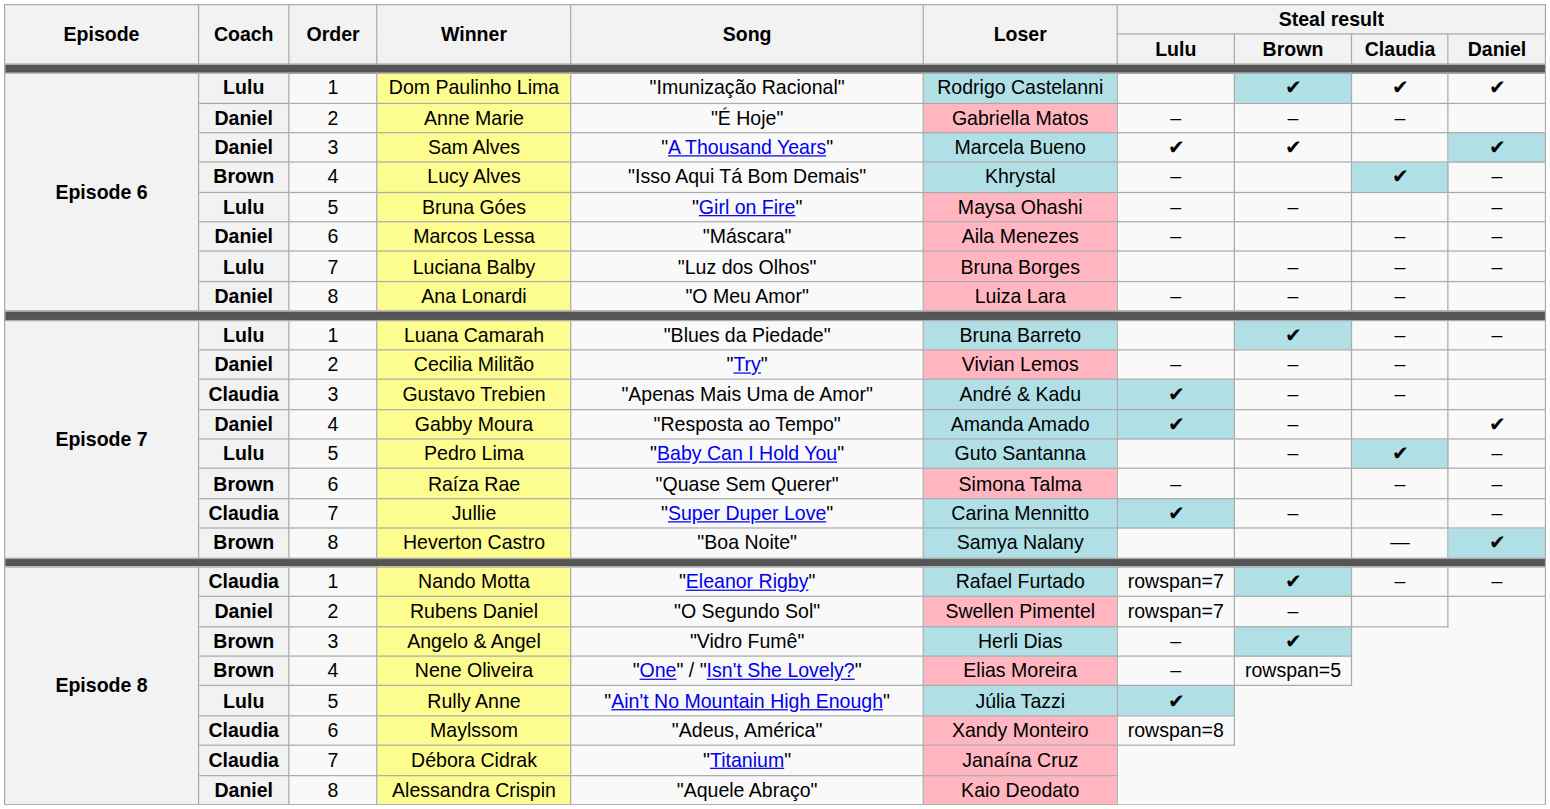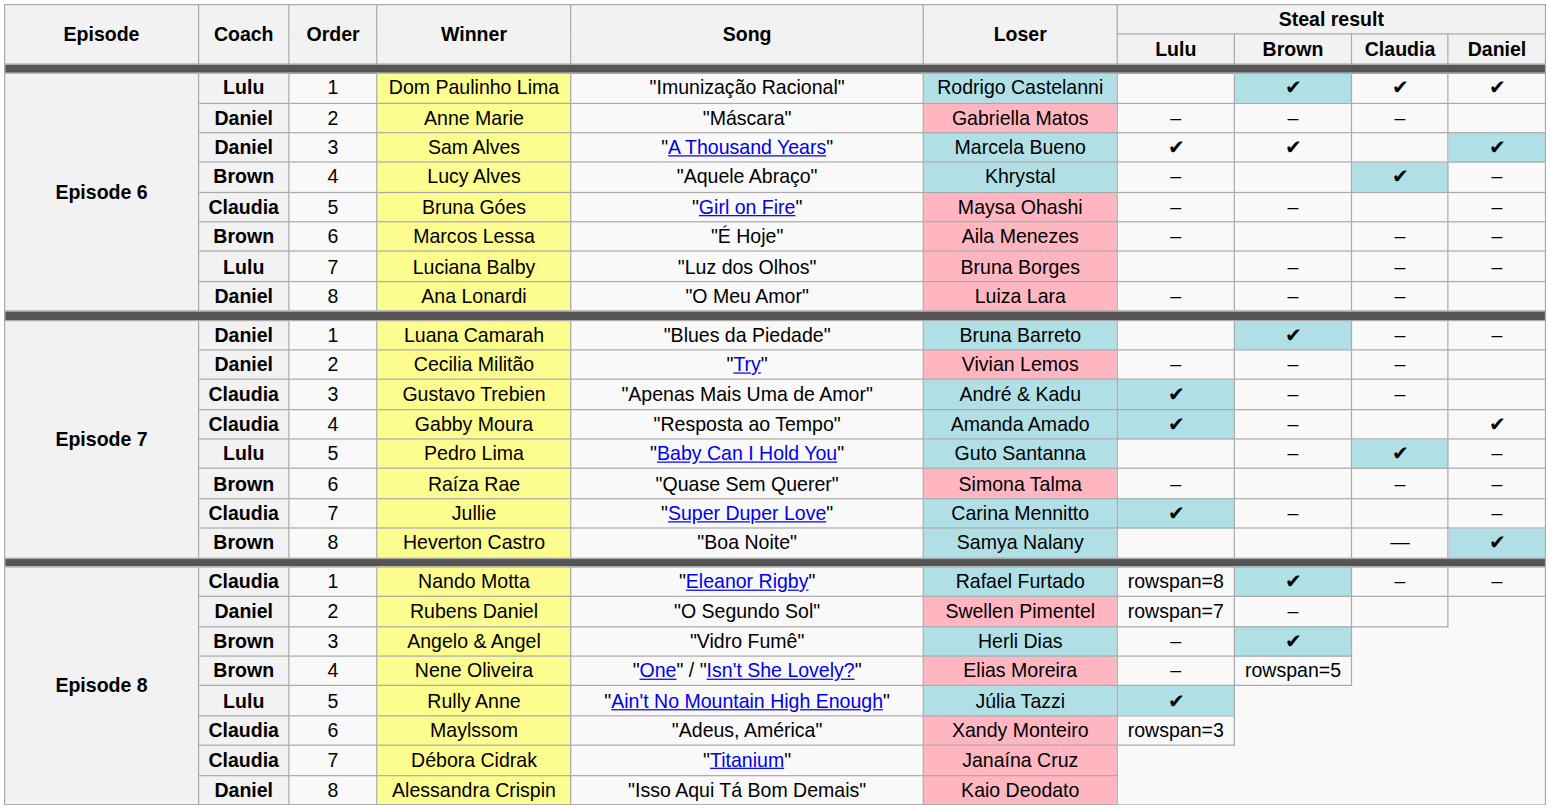 <table class="wikitable" style="text-align:center; line-height:17px; width:100%;">
 <tr>
 <th scope="col" rowspan=2 width="11%">Episode</th>
 <th scope="col" rowspan=2 width="05%">Coach</th>
 <th scope="col" rowspan=2 width="05%">Order</th>
 <th scope="col" rowspan=2 width="11%">Winner</th>
 <th scope="col" rowspan=2 width="20%">Song</th>
 <th scope="col" rowspan=2 width="11%">Loser</th>
 <th scope="col" colspan=4 width="22%">Steal result</th>
 </tr>
 <tr>
 <th width="5.5%">Lulu</th>
 <th width="5.5%">Brown</th>
 <th width="5.5%">Claudia</th>
 <th width="5.5%">Daniel</th>
 </tr>
 <tr>
 <td colspan=10 bgcolor="555555"></td>
 </tr>
 <tr>
 <th rowspan=8>Episode 6<br></th>
 <th>Lulu</th>
 <td>1</td>
 <td bgcolor="FDFC8F">Dom Paulinho Lima</td>
 <td>"Imunização Racional"</td>
 <td bgcolor="B0E0E6">Rodrigo Castelanni</td>
 <td></td>
 <td bgcolor="B0E0E6">✔</td>
 <td>✔</td>
 <td>✔</td>
 </tr>
 <tr>
 <th>Daniel</th>
 <td>2</td>
 <td bgcolor="FDFC8F">Anne Marie</td>
-<td>"É Hoje"</td>
+<td>"Máscara"</td>
 <td bgcolor="FFB6C1">Gabriella Matos</td>
 <td>–</td>
 <td>–</td>
 <td>–</td>
 <td></td>
 </tr>
 <tr>
 <th>Daniel</th>
 <td>3</td>
 <td bgcolor="FDFC8F">Sam Alves</td>
 <td>"<a href='#'>A Thousand Years</a>"</td>
 <td bgcolor="B0E0E6">Marcela Bueno</td>
 <td>✔</td>
 <td>✔</td>
 <td></td>
 <td bgcolor="B0E0E6">✔</td>
 </tr>
 <tr>
 <th>Brown</th>
 <td>4</td>
 <td bgcolor="FDFC8F">Lucy Alves</td>
-<td>"Isso Aqui Tá Bom Demais"</td>
+<td>"Aquele Abraço"</td>
 <td bgcolor="B0E0E6">Khrystal</td>
 <td>–</td>
 <td></td>
 <td bgcolor="B0E0E6">✔</td>
 <td>–</td>
 </tr>
 <tr>
-<th>Lulu</th>
+<th>Claudia</th>
 <td>5</td>
 <td bgcolor="FDFC8F">Bruna Góes</td>
 <td>"<a href='#'>Girl on Fire</a>"</td>
 <td bgcolor="FFB6C1">Maysa Ohashi</td>
 <td>–</td>
 <td>–</td>
 <td></td>
 <td>–</td>
 </tr>
 <tr>
-<th>Daniel</th>
+<th>Brown</th>
 <td>6</td>
 <td bgcolor="FDFC8F">Marcos Lessa</td>
-<td>"Máscara"</td>
+<td>"É Hoje"</td>
 <td bgcolor="FFB6C1">Aila Menezes</td>
 <td>–</td>
 <td></td>
 <td>–</td>
 <td>–</td>
 </tr>
 <tr>
 <th>Lulu</th>
 <td>7</td>
 <td bgcolor="FDFC8F">Luciana Balby</td>
 <td>"Luz dos Olhos"</td>
 <td bgcolor="FFB6C1">Bruna Borges</td>
 <td></td>
 <td>–</td>
 <td>–</td>
 <td>–</td>
 </tr>
 <tr>
 <th>Daniel</th>
 <td>8</td>
 <td bgcolor="FDFC8F">Ana Lonardi</td>
 <td>"O Meu Amor"</td>
 <td bgcolor="FFB6C1">Luiza Lara</td>
 <td>–</td>
 <td>–</td>
 <td>–</td>
 <td></td>
 </tr>
 <tr>
 <td colspan=10 bgcolor="555555"></td>
 </tr>
 <tr>
 <th rowspan=8>Episode 7<br></th>
-<th>Lulu</th>
+<th>Daniel</th>
 <td>1</td>
 <td bgcolor="FDFC8F">Luana Camarah</td>
 <td>"Blues da Piedade"</td>
 <td bgcolor="B0E0E6">Bruna Barreto</td>
 <td></td>
 <td bgcolor="B0E0E6">✔</td>
 <td>–</td>
 <td>–</td>
 </tr>
 <tr>
 <th>Daniel</th>
 <td>2</td>
 <td bgcolor="FDFC8F">Cecilia Militão</td>
 <td>"<a href='#'>Try</a>"</td>
 <td bgcolor="FFB6C1">Vivian Lemos</td>
 <td>–</td>
 <td>–</td>
 <td>–</td>
 <td></td>
 </tr>
 <tr>
 <th>Claudia</th>
 <td>3</td>
 <td bgcolor="FDFC8F">Gustavo Trebien</td>
 <td>"Apenas Mais Uma de Amor"</td>
 <td bgcolor="B0E0E6">André & Kadu</td>
 <td bgcolor="B0E0E6">✔</td>
 <td>–</td>
 <td>–</td>
 <td></td>
 </tr>
 <tr>
-<th>Daniel</th>
+<th>Claudia</th>
 <td>4</td>
 <td bgcolor="FDFC8F">Gabby Moura</td>
 <td>"Resposta ao Tempo"</td>
 <td bgcolor="B0E0E6">Amanda Amado</td>
 <td bgcolor="B0E0E6">✔</td>
 <td>–</td>
 <td></td>
 <td>✔</td>
 </tr>
 <tr>
 <th>Lulu</th>
 <td>5</td>
 <td bgcolor="FDFC8F">Pedro Lima</td>
 <td>"<a href='#'>Baby Can I Hold You</a>"</td>
 <td bgcolor="B0E0E6">Guto Santanna</td>
 <td></td>
 <td>–</td>
 <td bgcolor="B0E0E6">✔</td>
 <td>–</td>
 </tr>
 <tr>
 <th>Brown</th>
 <td>6</td>
 <td bgcolor="FDFC8F">Raíza Rae</td>
 <td>"Quase Sem Querer"</td>
 <td bgcolor="FFB6C1">Simona Talma</td>
 <td>–</td>
 <td></td>
 <td>–</td>
 <td>–</td>
 </tr>
 <tr>
 <th>Claudia</th>
 <td>7</td>
 <td bgcolor="FDFC8F">Jullie</td>
 <td>"<a href='#'>Super Duper Love</a>"</td>
 <td bgcolor="B0E0E6">Carina Mennitto</td>
 <td bgcolor="B0E0E6">✔</td>
 <td>–</td>
 <td></td>
 <td>–</td>
 </tr>
 <tr>
 <th>Brown</th>
 <td>8</td>
 <td bgcolor="FDFC8F">Heverton Castro</td>
 <td>"Boa Noite"</td>
 <td bgcolor="B0E0E6">Samya Nalany</td>
 <td></td>
 <td></td>
 <td>—</td>
 <td bgcolor="B0E0E6">✔</td>
 </tr>
 <tr>
 <td colspan=10 bgcolor="555555"></td>
 </tr>
 <tr>
 <th rowspan=8>Episode 8<br></th>
 <th>Claudia</th>
 <td>1</td>
 <td bgcolor="FDFC8F">Nando Motta</td>
 <td>"<a href='#'>Eleanor Rigby</a>"</td>
 <td bgcolor="B0E0E6">Rafael Furtado</td>
-<td>rowspan=7 </td>
+<td>rowspan=8 </td>
 <td bgcolor="B0E0E6">✔</td>
 <td>–</td>
 <td>–</td>
 </tr>
 <tr>
 <th>Daniel</th>
 <td>2</td>
 <td bgcolor="FDFC8F">Rubens Daniel</td>
 <td>"O Segundo Sol"</td>
 <td bgcolor="FFB6C1">Swellen Pimentel</td>
 <td>rowspan=7 </td>
 <td>–</td>
 <td></td>
 </tr>
 <tr>
 <th>Brown</th>
 <td>3</td>
 <td bgcolor="FDFC8F">Angelo & Angel</td>
 <td>"Vidro Fumê"</td>
 <td bgcolor="B0E0E6">Herli Dias</td>
 <td>–</td>
 <td bgcolor="B0E0E6">✔</td>
 </tr>
 <tr>
 <th>Brown</th>
 <td>4</td>
 <td bgcolor="FDFC8F">Nene Oliveira</td>
 <td>"<a href='#'>One</a>" / "<a href='#'>Isn't She Lovely?</a>"</td>
 <td bgcolor="FFB6C1">Elias Moreira</td>
 <td>–</td>
 <td>rowspan=5 </td>
 </tr>
 <tr>
 <th>Lulu</th>
 <td>5</td>
 <td bgcolor="FDFC8F">Rully Anne</td>
 <td>"<a href='#'>Ain't No Mountain High Enough</a>"</td>
 <td bgcolor="B0E0E6">Júlia Tazzi</td>
 <td bgcolor="B0E0E6">✔</td>
 </tr>
 <tr>
 <th>Claudia</th>
 <td>6</td>
 <td bgcolor="FDFC8F">Maylssom</td>
 <td>"Adeus, América"</td>
 <td bgcolor="FFB6C1">Xandy Monteiro</td>
-<td>rowspan=8 </td>
+<td>rowspan=3 </td>
 </tr>
 <tr>
 <th>Claudia</th>
 <td>7</td>
 <td bgcolor="FDFC8F">Débora Cidrak</td>
 <td>"<a href='#'>Titanium</a>"</td>
 <td bgcolor="FFB6C1">Janaína Cruz</td>
 </tr>
 <tr>
 <th>Daniel</th>
 <td>8</td>
 <td bgcolor="FDFC8F">Alessandra Crispin</td>
-<td>"Aquele Abraço"</td>
+<td>"Isso Aqui Tá Bom Demais"</td>
 <td bgcolor="FFB6C1">Kaio Deodato</td>
 </tr>
 <tr>
 </tr>
 </table>
